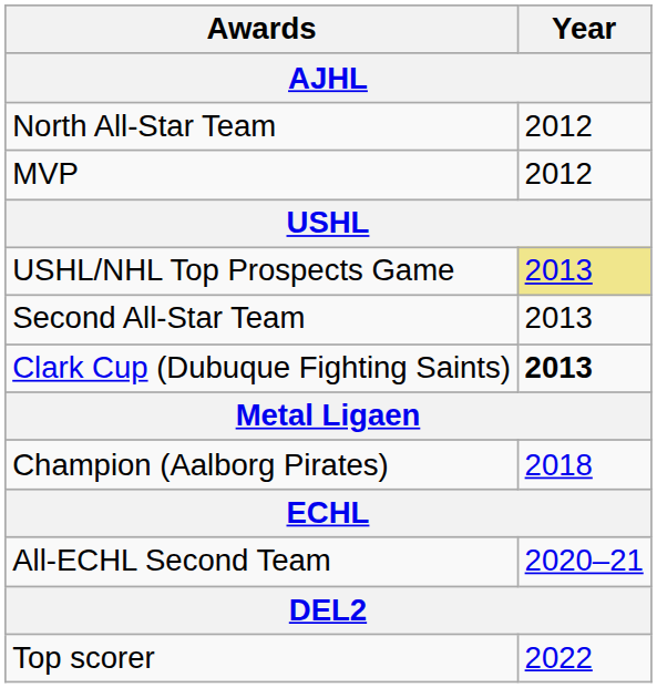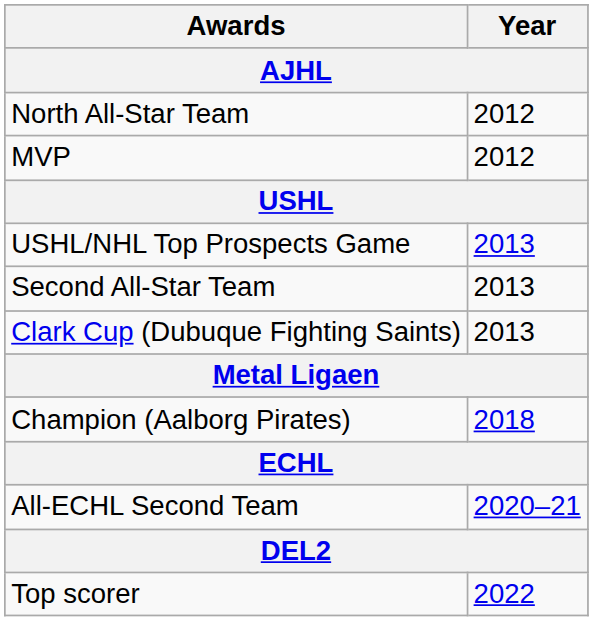 <table class="wikitable">
 <tr>
 <th>Awards</th>
 <th>Year</th>
 </tr>
 <tr>
 <th colspan="3"><a href='#'>AJHL</a></th>
 </tr>
 <tr>
 <td>North All-Star Team</td>
 <td>2012</td>
 </tr>
 <tr>
 <td>MVP</td>
 <td>2012</td>
 </tr>
 <tr>
 <th colspan="3"><a href='#'>USHL</a></th>
 </tr>
 <tr>
 <td>USHL/NHL Top Prospects Game</td>
-<td style="background: khaki;"><a href='#'>2013</a></td>
+<td><a href='#'>2013</a></td>
 </tr>
 <tr>
 <td>Second All-Star Team</td>
 <td>2013</td>
 </tr>
 <tr>
 <td><a href='#'>Clark Cup</a> (Dubuque Fighting Saints)</td>
-<td><strong>2013</strong></td>
+<td>2013</td>
 </tr>
 <tr>
 <th colspan="3"><a href='#'>Metal Ligaen</a></th>
 </tr>
 <tr>
 <td>Champion (Aalborg Pirates)</td>
 <td><a href='#'>2018</a></td>
 </tr>
 <tr>
 <th colspan="3"><a href='#'>ECHL</a></th>
 </tr>
 <tr>
 <td>All-ECHL Second Team</td>
 <td><a href='#'>2020–21</a></td>
 </tr>
 <tr>
 <th colspan="3"><a href='#'>DEL2</a></th>
 </tr>
 <tr>
 <td>Top scorer</td>
 <td><a href='#'>2022</a></td>
 </tr>
 </table>
